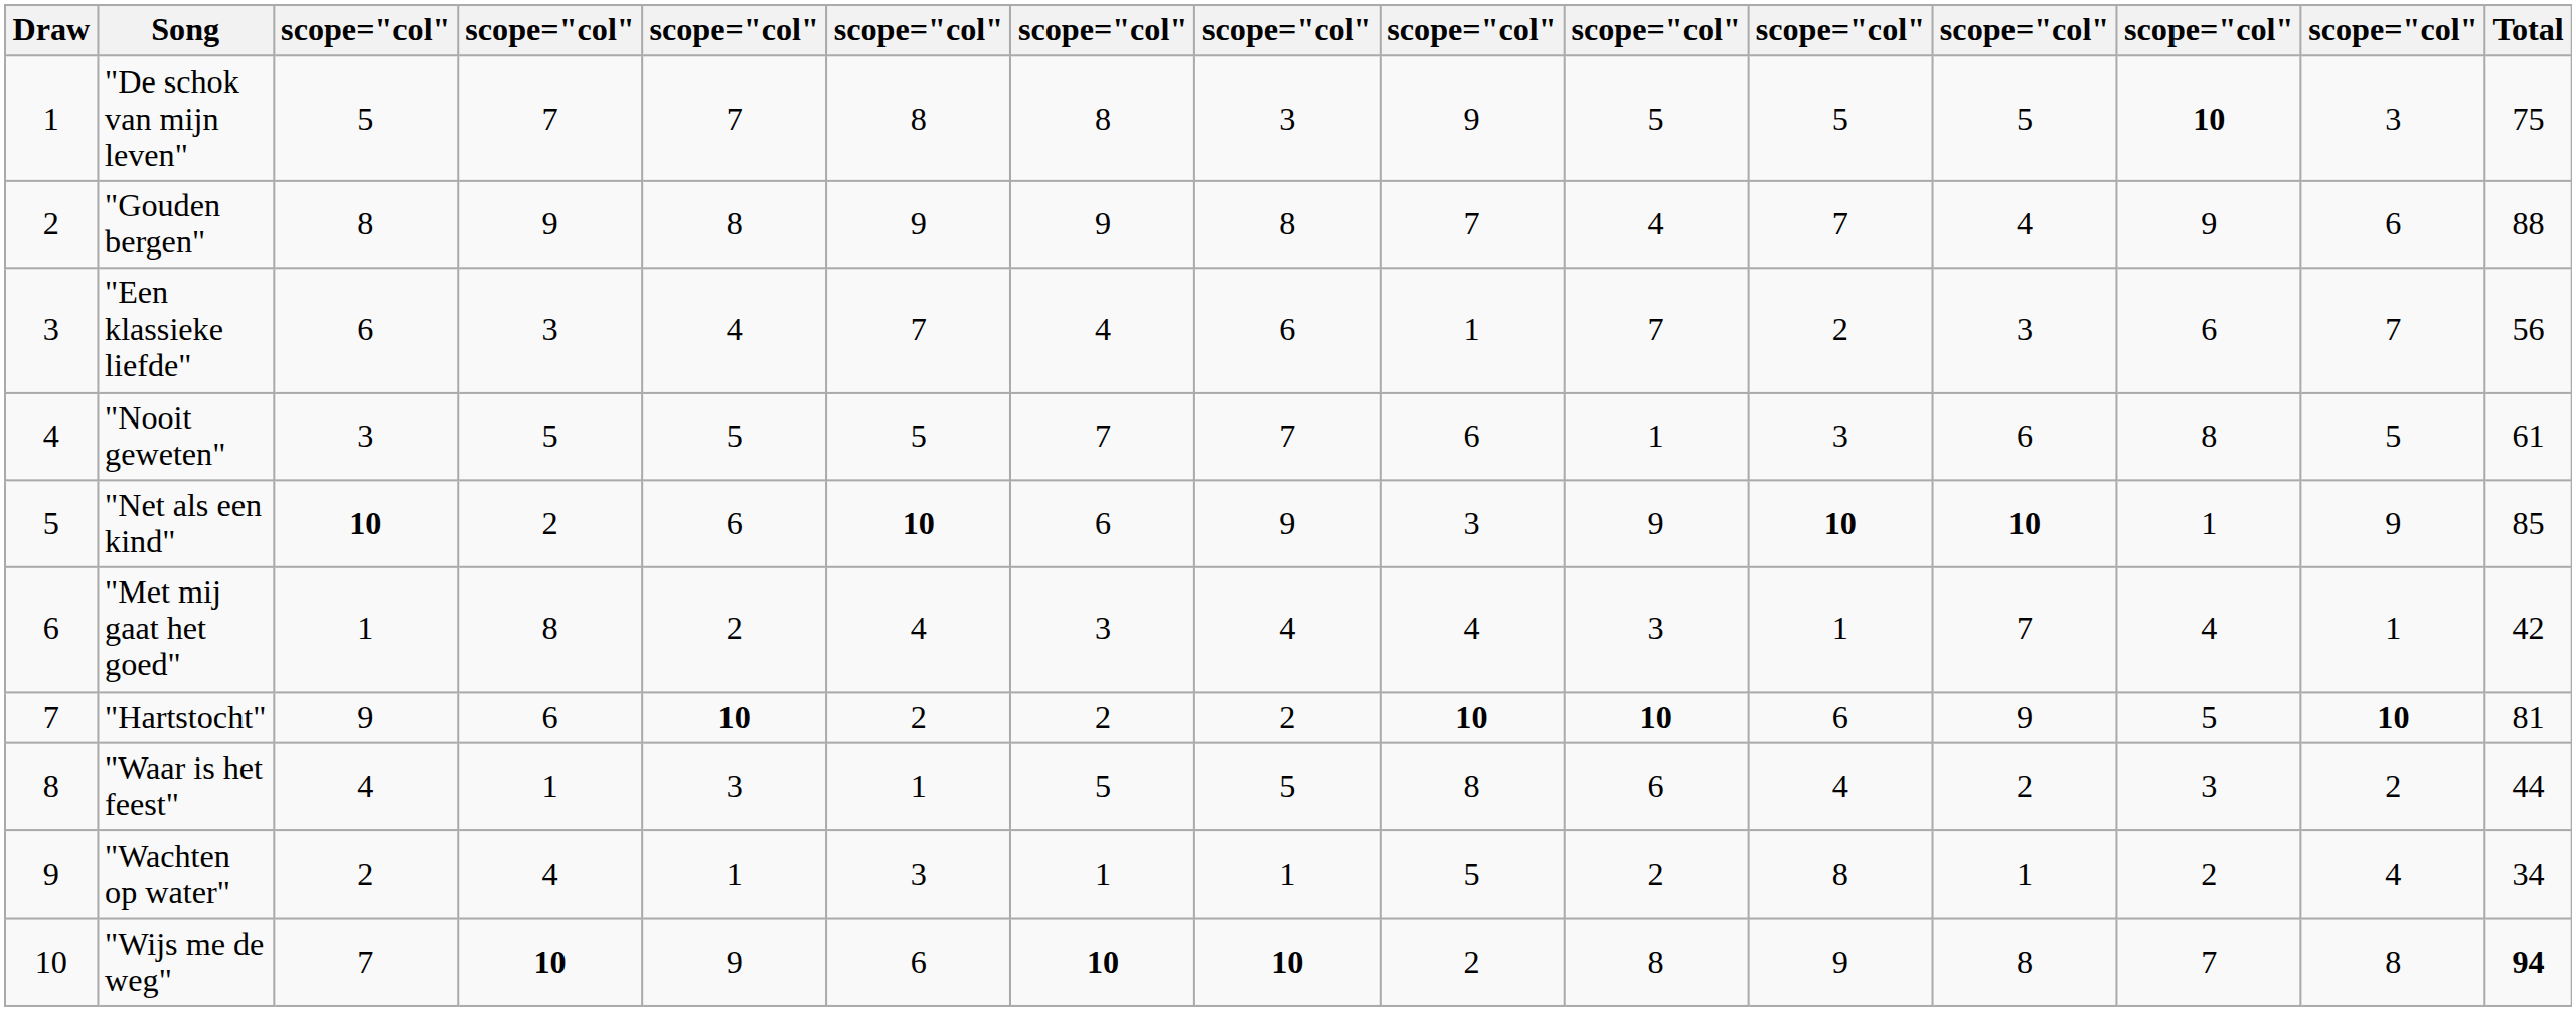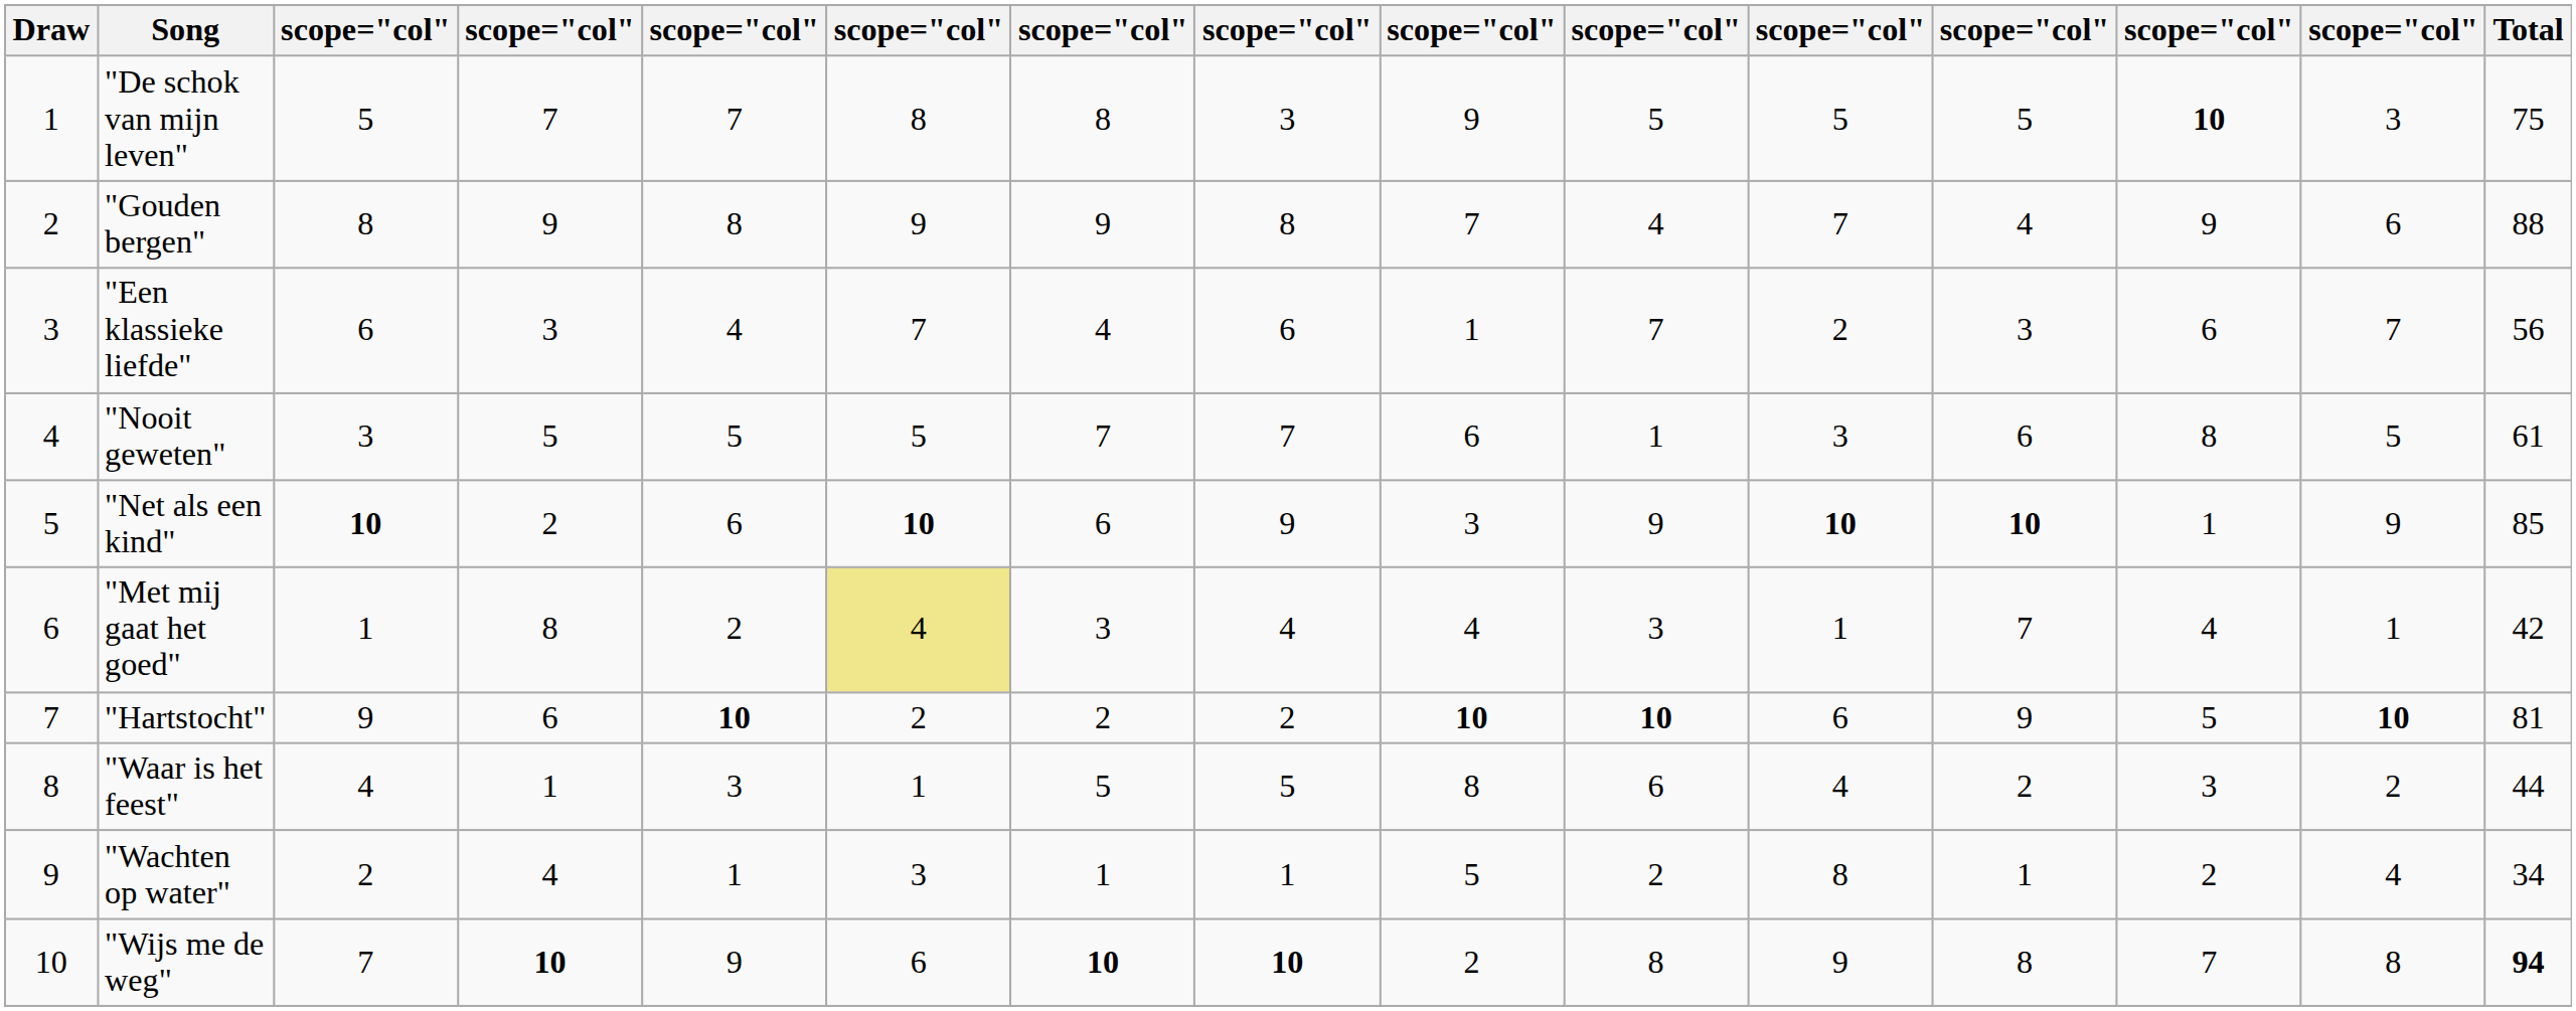 <table class="wikitable plainrowheaders" style="margin: 1em auto 1em auto; text-align:center;">
 <tr>
 </tr>
 <tr>
 <th scope="col">Draw</th>
 <th scope="col">Song</th>
 <th>scope="col" </th>
 <th>scope="col" </th>
 <th>scope="col" </th>
 <th>scope="col" </th>
 <th>scope="col" </th>
 <th>scope="col" </th>
 <th>scope="col" </th>
 <th>scope="col" </th>
 <th>scope="col" </th>
 <th>scope="col" </th>
 <th>scope="col" </th>
 <th>scope="col" </th>
 <th scope="col">Total</th>
 </tr>
 <tr --->
 <td>1</td>
 <td align="left">"De schok van mijn leven"</td>
 <td>5</td>
 <td>7</td>
 <td>7</td>
 <td>8</td>
 <td>8</td>
 <td>3</td>
 <td>9</td>
 <td>5</td>
 <td>5</td>
 <td>5</td>
 <td><strong>10</strong></td>
 <td>3</td>
 <td>75</td>
 </tr>
 <tr --->
 <td>2</td>
 <td align="left">"Gouden bergen"</td>
 <td>8</td>
 <td>9</td>
 <td>8</td>
 <td>9</td>
 <td>9</td>
 <td>8</td>
 <td>7</td>
 <td>4</td>
 <td>7</td>
 <td>4</td>
 <td>9</td>
 <td>6</td>
 <td>88</td>
 </tr>
 <tr --->
 <td>3</td>
 <td align="left">"Een klassieke liefde"</td>
 <td>6</td>
 <td>3</td>
 <td>4</td>
 <td>7</td>
 <td>4</td>
 <td>6</td>
 <td>1</td>
 <td>7</td>
 <td>2</td>
 <td>3</td>
 <td>6</td>
 <td>7</td>
 <td>56</td>
 </tr>
 <tr --->
 <td>4</td>
 <td align="left">"Nooit geweten"</td>
 <td>3</td>
 <td>5</td>
 <td>5</td>
 <td>5</td>
 <td>7</td>
 <td>7</td>
 <td>6</td>
 <td>1</td>
 <td>3</td>
 <td>6</td>
 <td>8</td>
 <td>5</td>
 <td>61</td>
 </tr>
 <tr --->
 <td>5</td>
 <td align="left">"Net als een kind"</td>
 <td><strong>10</strong></td>
 <td>2</td>
 <td>6</td>
 <td><strong>10</strong></td>
 <td>6</td>
 <td>9</td>
 <td>3</td>
 <td>9</td>
 <td><strong>10</strong></td>
 <td><strong>10</strong></td>
 <td>1</td>
 <td>9</td>
 <td>85</td>
 </tr>
 <tr --->
 <td>6</td>
 <td align="left">"Met mij gaat het goed"</td>
 <td>1</td>
 <td>8</td>
 <td>2</td>
-<td>4</td>
+<td style="background: khaki;">4</td>
 <td>3</td>
 <td>4</td>
 <td>4</td>
 <td>3</td>
 <td>1</td>
 <td>7</td>
 <td>4</td>
 <td>1</td>
 <td>42</td>
 </tr>
 <tr --->
 <td>7</td>
 <td align="left">"Hartstocht"</td>
 <td>9</td>
 <td>6</td>
 <td><strong>10</strong></td>
 <td>2</td>
 <td>2</td>
 <td>2</td>
 <td><strong>10</strong></td>
 <td><strong>10</strong></td>
 <td>6</td>
 <td>9</td>
 <td>5</td>
 <td><strong>10</strong></td>
 <td>81</td>
 </tr>
 <tr --->
 <td>8</td>
 <td align="left">"Waar is het feest"</td>
 <td>4</td>
 <td>1</td>
 <td>3</td>
 <td>1</td>
 <td>5</td>
 <td>5</td>
 <td>8</td>
 <td>6</td>
 <td>4</td>
 <td>2</td>
 <td>3</td>
 <td>2</td>
 <td>44</td>
 </tr>
 <tr --->
 <td>9</td>
 <td align="left">"Wachten op water"</td>
 <td>2</td>
 <td>4</td>
 <td>1</td>
 <td>3</td>
 <td>1</td>
 <td>1</td>
 <td>5</td>
 <td>2</td>
 <td>8</td>
 <td>1</td>
 <td>2</td>
 <td>4</td>
 <td>34</td>
 </tr>
 <tr --->
 <td>10</td>
 <td align="left">"Wijs me de weg"</td>
 <td>7</td>
 <td><strong>10</strong></td>
 <td>9</td>
 <td>6</td>
 <td><strong>10</strong></td>
 <td><strong>10</strong></td>
 <td>2</td>
 <td>8</td>
 <td>9</td>
 <td>8</td>
 <td>7</td>
 <td>8</td>
 <td><strong>94</strong></td>
 </tr>
 </table>
